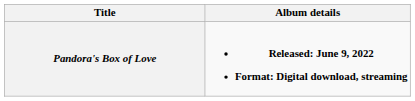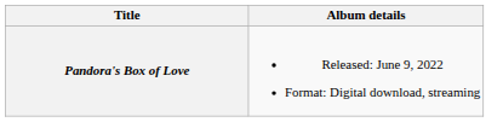 <table class="wikitable plainrowheaders" style="text-align:center;">
 <tr>
 <th style="width:18em;">Title</th>
 <th>Album details</th>
 </tr>
 <tr>
 <th scope="row"><em>Pandora's Box of Love</em></th>
-<td><strong><br><ul><li>Released: June 9, 2022</li></ul><ul><li>Format: Digital download, streaming</li></ul></strong></td>
+<td><br><ul><li>Released: June 9, 2022</li></ul><ul><li>Format: Digital download, streaming</li></ul></td>
 </tr>
 </table>
